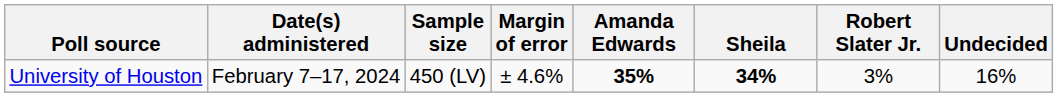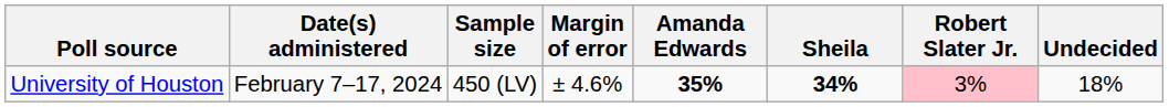 <table class="wikitable" style="font-size:90%;text-align:center;">
 <tr style="vertical-align:bottom">
 <th>Poll source</th>
 <th>Date(s)<br>administered</th>
 <th>Sample<br>size</th>
 <th>Margin<br>of error</th>
 <th style="width:80px;">Amanda<br>Edwards</th>
 <th style="width:80px;">Sheila<br></th>
 <th style="width:80px;">Robert<br>Slater Jr.</th>
 <th>Undecided</th>
 </tr>
 <tr>
 <td style="text-align:left;"><a href='#'>University of Houston</a></td>
 <td>February 7–17, 2024</td>
 <td>450 (LV)</td>
 <td>± 4.6%</td>
 <td style="color:black;background-color:"><strong>35%</strong></td>
 <td style="color:black;background-color:"><strong>34%</strong></td>
-<td>3%</td>
-<td>16%</td>
+<td style="background: pink;">3%</td>
+<td>18%</td>
 </tr>
 </table>
